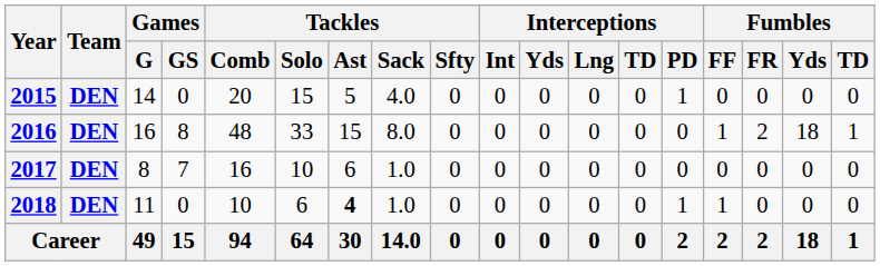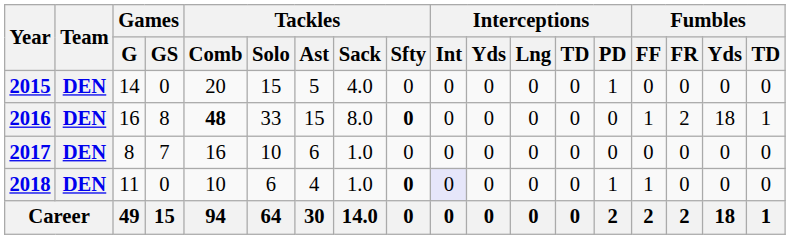 <table class= "wikitable" style="text-align: center;">
 <tr>
 <th rowspan="2">Year</th>
 <th rowspan="2">Team</th>
 <th colspan="2">Games</th>
 <th colspan="5">Tackles</th>
 <th colspan="5">Interceptions</th>
 <th colspan="5">Fumbles</th>
 </tr>
 <tr>
 <th>G</th>
 <th>GS</th>
 <th>Comb</th>
 <th>Solo</th>
 <th>Ast</th>
 <th>Sack</th>
 <th>Sfty</th>
 <th>Int</th>
 <th>Yds</th>
 <th>Lng</th>
 <th>TD</th>
 <th>PD</th>
 <th>FF</th>
 <th>FR</th>
 <th>Yds</th>
 <th>TD</th>
 </tr>
 <tr>
 <th><a href='#'>2015</a></th>
 <th><a href='#'>DEN</a></th>
 <td>14</td>
 <td>0</td>
 <td>20</td>
 <td>15</td>
 <td>5</td>
 <td>4.0</td>
 <td>0</td>
 <td>0</td>
 <td>0</td>
 <td>0</td>
 <td>0</td>
 <td>1</td>
 <td>0</td>
 <td>0</td>
 <td>0</td>
 <td>0</td>
 </tr>
 <tr>
 <th><a href='#'>2016</a></th>
 <th><a href='#'>DEN</a></th>
 <td>16</td>
 <td>8</td>
-<td>48</td>
+<td><strong>48</strong></td>
 <td>33</td>
 <td>15</td>
 <td>8.0</td>
-<td>0</td>
+<td><strong>0</strong></td>
 <td>0</td>
 <td>0</td>
 <td>0</td>
 <td>0</td>
 <td>0</td>
 <td>1</td>
 <td>2</td>
 <td>18</td>
 <td>1</td>
 </tr>
 <tr>
 <th><a href='#'>2017</a></th>
 <th><a href='#'>DEN</a></th>
 <td>8</td>
 <td>7</td>
 <td>16</td>
 <td>10</td>
 <td>6</td>
 <td>1.0</td>
 <td>0</td>
 <td>0</td>
 <td>0</td>
 <td>0</td>
 <td>0</td>
 <td>0</td>
 <td>0</td>
 <td>0</td>
 <td>0</td>
 <td>0</td>
 </tr>
 <tr>
 <th><a href='#'>2018</a></th>
 <th><a href='#'>DEN</a></th>
 <td>11</td>
 <td>0</td>
 <td>10</td>
 <td>6</td>
-<td><strong>4</strong></td>
+<td>4</td>
 <td>1.0</td>
-<td>0</td>
-<td>0</td>
+<td><strong>0</strong></td>
+<td style="background: lavender;">0</td>
 <td>0</td>
 <td>0</td>
 <td>0</td>
 <td>1</td>
 <td>1</td>
 <td>0</td>
 <td>0</td>
 <td>0</td>
 </tr>
 <tr>
 <th colspan="2">Career</th>
 <th>49</th>
 <th>15</th>
 <th>94</th>
 <th>64</th>
 <th>30</th>
 <th>14.0</th>
 <th>0</th>
 <th>0</th>
 <th>0</th>
 <th>0</th>
 <th>0</th>
 <th>2</th>
 <th>2</th>
 <th>2</th>
 <th>18</th>
 <th>1</th>
 </tr>
 </table>
